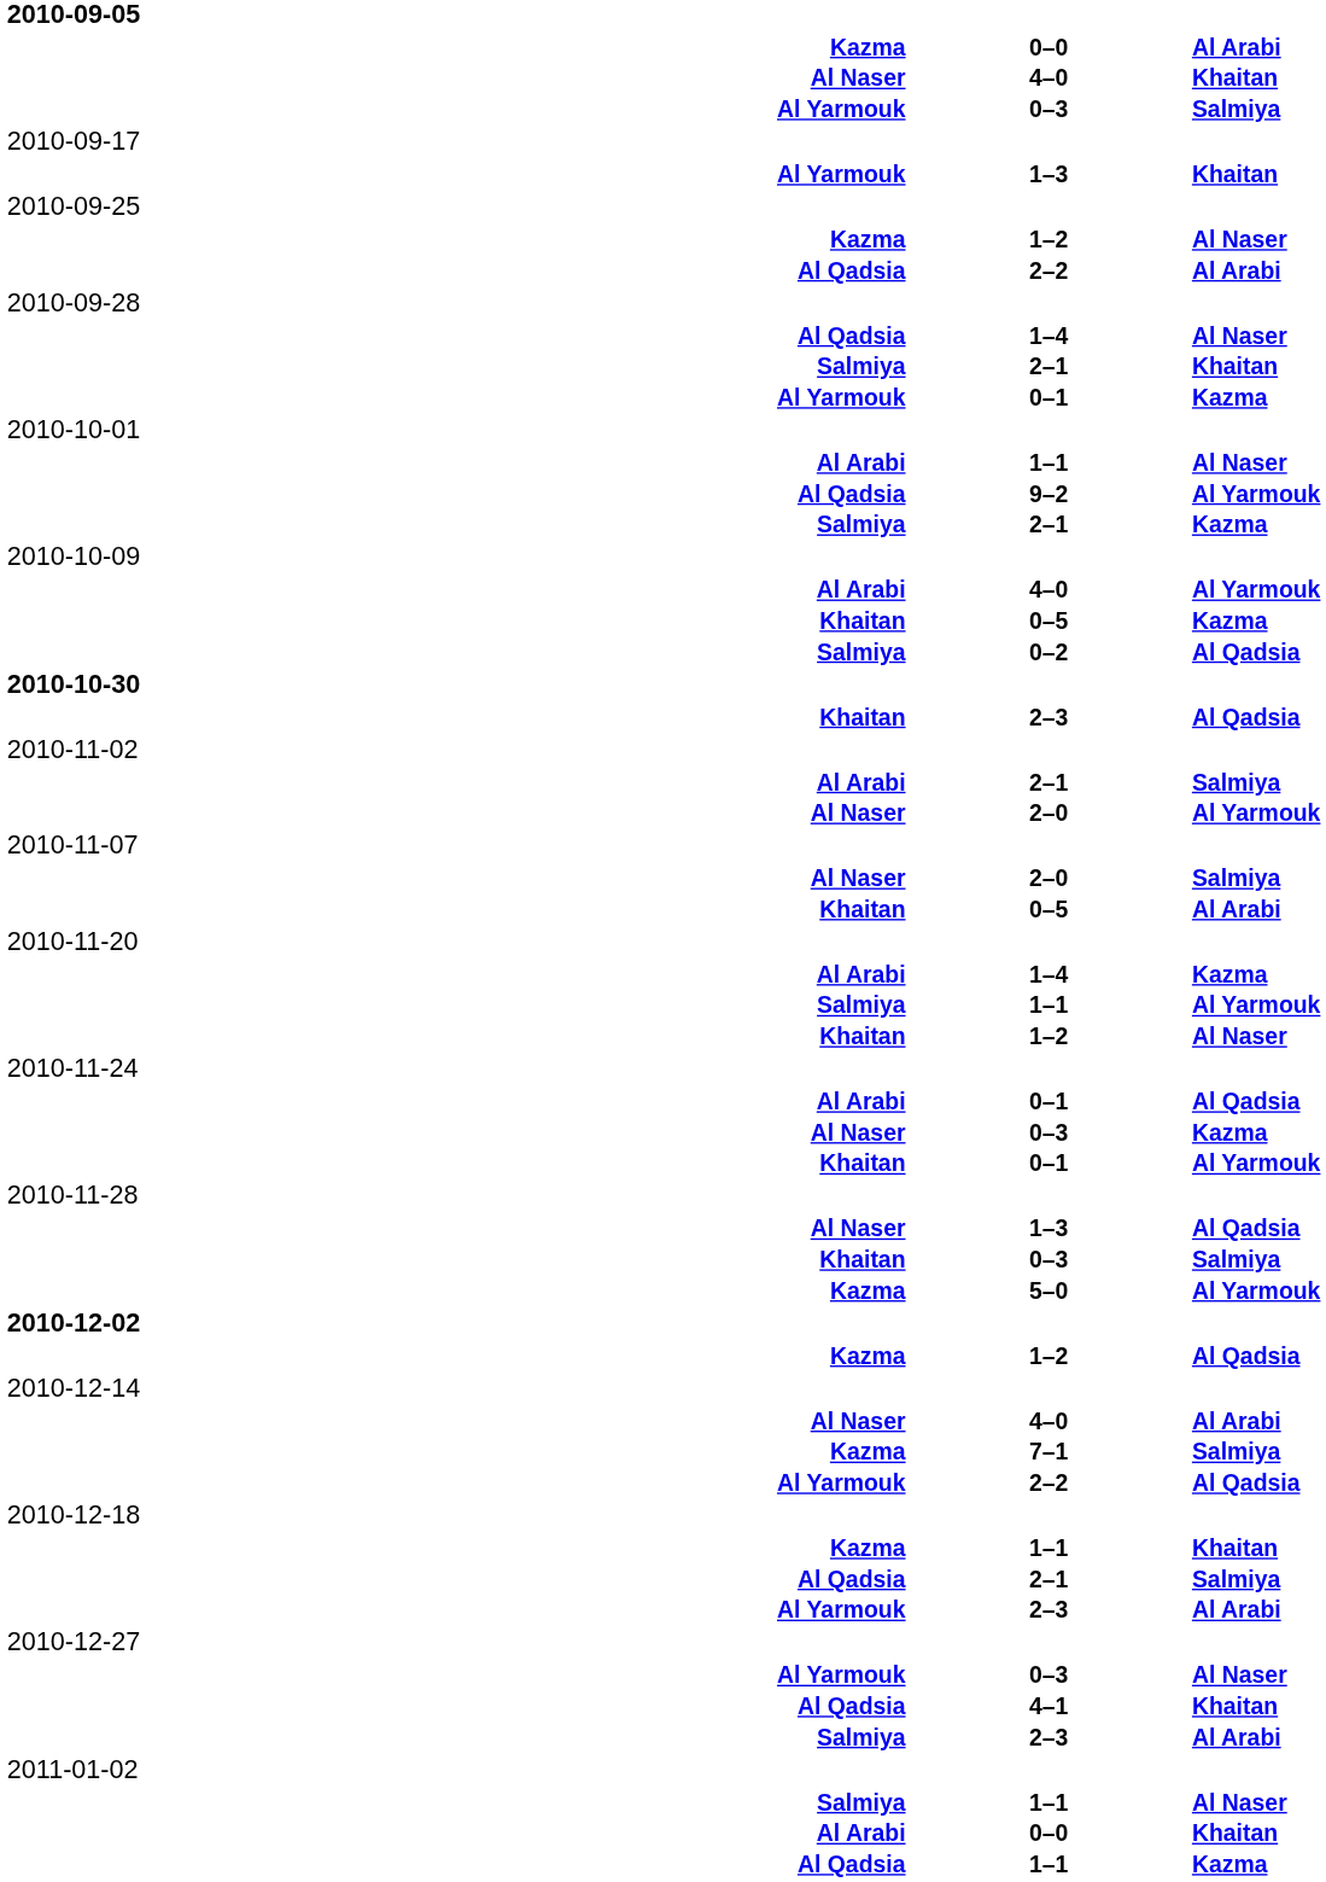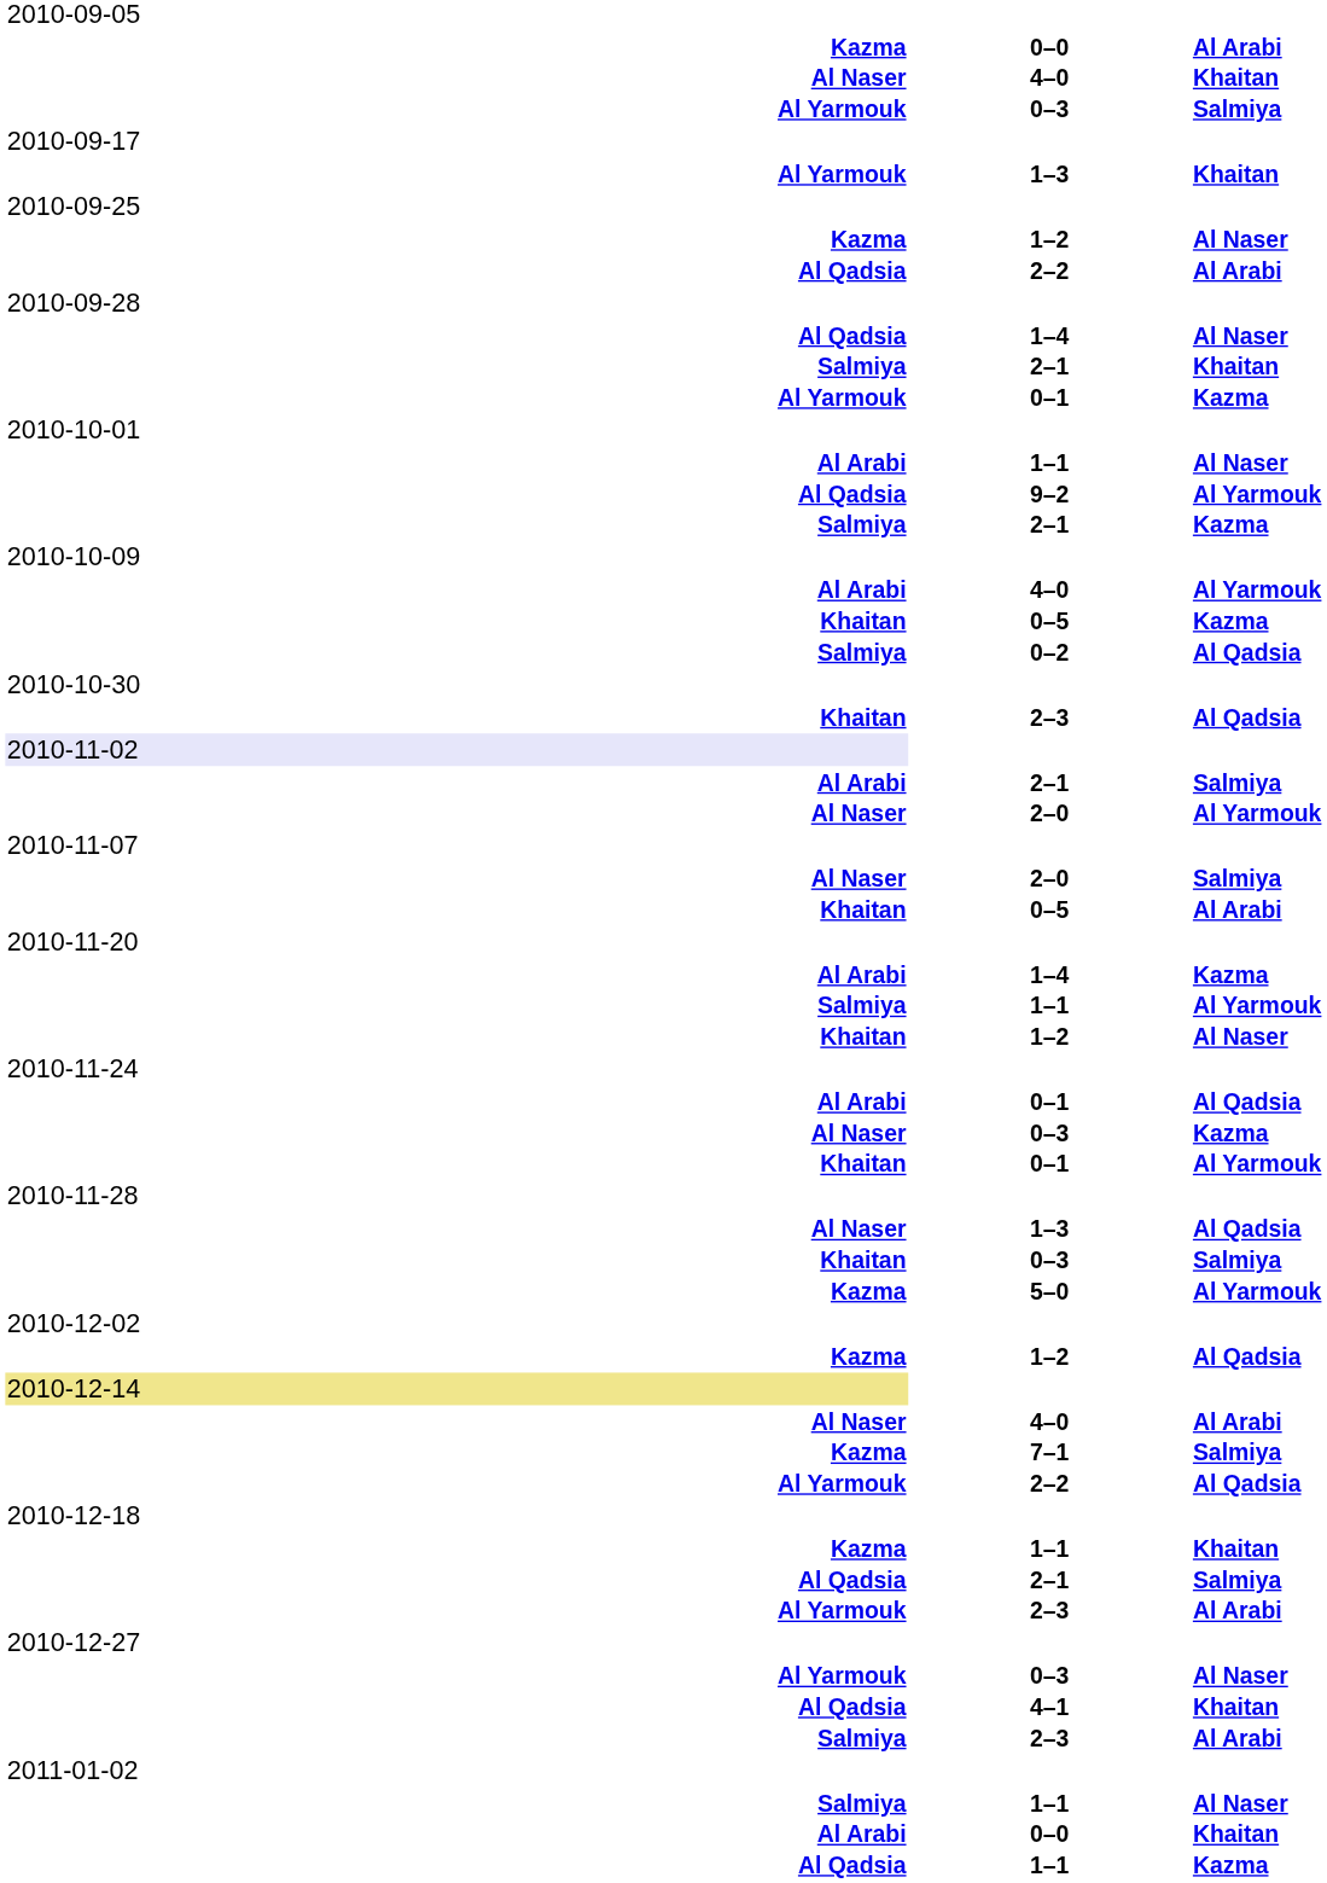 <table width=100% cellspacing=1>
 <tr>
 <th></th>
 <th></th>
 <th></th>
 </tr>
 <tr>
-<td><strong>2010-09-05</strong></td>
+<td>2010-09-05</td>
 </tr>
 <tr style=font-size:90%>
 <td align=right><strong><a href='#'>Kazma</a></strong></td>
 <td align=center><strong>0–0</strong></td>
 <td><strong><a href='#'>Al Arabi</a></strong></td>
 </tr>
 <tr style=font-size:90%>
 <td align=right><strong><a href='#'>Al Naser</a></strong></td>
 <td align=center><strong>4–0</strong></td>
 <td><strong><a href='#'>Khaitan</a></strong></td>
 </tr>
 <tr style=font-size:90%>
 <td align=right><strong><a href='#'>Al Yarmouk</a></strong></td>
 <td align=center><strong>0–3</strong></td>
 <td><strong><a href='#'>Salmiya</a></strong></td>
 </tr>
 <tr>
 <td>2010-09-17</td>
 </tr>
 <tr style=font-size:90%>
 <td align=right><strong><a href='#'>Al Yarmouk</a></strong></td>
 <td align=center><strong>1–3</strong></td>
 <td><strong><a href='#'>Khaitan</a></strong></td>
 </tr>
 <tr>
 <td>2010-09-25</td>
 </tr>
 <tr style=font-size:90%>
 <td align=right><strong><a href='#'>Kazma</a></strong></td>
 <td align=center><strong>1–2</strong></td>
 <td><strong><a href='#'>Al Naser</a></strong></td>
 </tr>
 <tr style=font-size:90%>
 <td align=right><strong><a href='#'>Al Qadsia</a></strong></td>
 <td align=center><strong>2–2</strong></td>
 <td><strong><a href='#'>Al Arabi</a></strong></td>
 </tr>
 <tr>
 <td>2010-09-28</td>
 </tr>
 <tr style=font-size:90%>
 <td align=right><strong><a href='#'>Al Qadsia</a></strong></td>
 <td align=center><strong>1–4</strong></td>
 <td><strong><a href='#'>Al Naser</a></strong></td>
 </tr>
 <tr style=font-size:90%>
 <td align=right><strong><a href='#'>Salmiya</a></strong></td>
 <td align=center><strong>2–1</strong></td>
 <td><strong><a href='#'>Khaitan</a></strong></td>
 </tr>
 <tr style=font-size:90%>
 <td align=right><strong><a href='#'>Al Yarmouk</a></strong></td>
 <td align=center><strong>0–1</strong></td>
 <td><strong><a href='#'>Kazma</a></strong></td>
 </tr>
 <tr>
 <td>2010-10-01</td>
 </tr>
 <tr style=font-size:90%>
 <td align=right><strong><a href='#'>Al Arabi</a></strong></td>
 <td align=center><strong>1–1</strong></td>
 <td><strong><a href='#'>Al Naser</a></strong></td>
 </tr>
 <tr style=font-size:90%>
 <td align=right><strong><a href='#'>Al Qadsia</a></strong></td>
 <td align=center><strong>9–2</strong></td>
 <td><strong><a href='#'>Al Yarmouk</a></strong></td>
 </tr>
 <tr style=font-size:90%>
 <td align=right><strong><a href='#'>Salmiya</a></strong></td>
 <td align=center><strong>2–1</strong></td>
 <td><strong><a href='#'>Kazma</a></strong></td>
 </tr>
 <tr>
 <td>2010-10-09</td>
 </tr>
 <tr style=font-size:90%>
 <td align=right><strong><a href='#'>Al Arabi</a></strong></td>
 <td align=center><strong>4–0</strong></td>
 <td><strong><a href='#'>Al Yarmouk</a></strong></td>
 </tr>
 <tr style=font-size:90%>
 <td align=right><strong><a href='#'>Khaitan</a></strong></td>
 <td align=center><strong>0–5</strong></td>
 <td><strong><a href='#'>Kazma</a></strong></td>
 </tr>
 <tr style=font-size:90%>
 <td align=right><strong><a href='#'>Salmiya</a></strong></td>
 <td align=center><strong>0–2</strong></td>
 <td><strong><a href='#'>Al Qadsia</a></strong></td>
 </tr>
 <tr>
-<td><strong>2010-10-30</strong></td>
+<td>2010-10-30</td>
 </tr>
 <tr style=font-size:90%>
 <td align=right><strong><a href='#'>Khaitan</a></strong></td>
 <td align=center><strong>2–3</strong></td>
 <td><strong><a href='#'>Al Qadsia</a></strong></td>
 </tr>
 <tr>
-<td>2010-11-02</td>
+<td style="background: lavender;">2010-11-02</td>
 </tr>
 <tr style=font-size:90%>
 <td align=right><strong><a href='#'>Al Arabi</a></strong></td>
 <td align=center><strong>2–1</strong></td>
 <td><strong><a href='#'>Salmiya</a></strong></td>
 </tr>
 <tr style=font-size:90%>
 <td align=right><strong><a href='#'>Al Naser</a></strong></td>
 <td align=center><strong>2–0</strong></td>
 <td><strong><a href='#'>Al Yarmouk</a></strong></td>
 </tr>
 <tr>
 <td>2010-11-07</td>
 </tr>
 <tr style=font-size:90%>
 <td align=right><strong><a href='#'>Al Naser</a></strong></td>
 <td align=center><strong>2–0</strong></td>
 <td><strong><a href='#'>Salmiya</a></strong></td>
 </tr>
 <tr style=font-size:90%>
 <td align=right><strong><a href='#'>Khaitan</a></strong></td>
 <td align=center><strong>0–5</strong></td>
 <td><strong><a href='#'>Al Arabi</a></strong></td>
 </tr>
 <tr>
 <td>2010-11-20</td>
 </tr>
 <tr style=font-size:90%>
 <td align=right><strong><a href='#'>Al Arabi</a></strong></td>
 <td align=center><strong>1–4</strong></td>
 <td><strong><a href='#'>Kazma</a></strong></td>
 </tr>
 <tr style=font-size:90%>
 <td align=right><strong><a href='#'>Salmiya</a></strong></td>
 <td align=center><strong>1–1</strong></td>
 <td><strong><a href='#'>Al Yarmouk</a></strong></td>
 </tr>
 <tr style=font-size:90%>
 <td align=right><strong><a href='#'>Khaitan</a></strong></td>
 <td align=center><strong>1–2</strong></td>
 <td><strong><a href='#'>Al Naser</a></strong></td>
 </tr>
 <tr>
 <td>2010-11-24</td>
 </tr>
 <tr style=font-size:90%>
 <td align=right><strong><a href='#'>Al Arabi</a></strong></td>
 <td align=center><strong>0–1</strong></td>
 <td><strong><a href='#'>Al Qadsia</a></strong></td>
 </tr>
 <tr style=font-size:90%>
 <td align=right><strong><a href='#'>Al Naser</a></strong></td>
 <td align=center><strong>0–3</strong></td>
 <td><strong><a href='#'>Kazma</a></strong></td>
 </tr>
 <tr style=font-size:90%>
 <td align=right><strong><a href='#'>Khaitan</a></strong></td>
 <td align=center><strong>0–1</strong></td>
 <td><strong><a href='#'>Al Yarmouk</a></strong></td>
 </tr>
 <tr>
 <td>2010-11-28</td>
 </tr>
 <tr style=font-size:90%>
 <td align=right><strong><a href='#'>Al Naser</a></strong></td>
 <td align=center><strong>1–3</strong></td>
 <td><strong><a href='#'>Al Qadsia</a></strong></td>
 </tr>
 <tr style=font-size:90%>
 <td align=right><strong><a href='#'>Khaitan</a></strong></td>
 <td align=center><strong>0–3</strong></td>
 <td><strong><a href='#'>Salmiya</a></strong></td>
 </tr>
 <tr style=font-size:90%>
 <td align=right><strong><a href='#'>Kazma</a></strong></td>
 <td align=center><strong>5–0</strong></td>
 <td><strong><a href='#'>Al Yarmouk</a></strong></td>
 </tr>
 <tr>
-<td><strong>2010-12-02</strong></td>
+<td>2010-12-02</td>
 </tr>
 <tr style=font-size:90%>
 <td align=right><strong><a href='#'>Kazma</a></strong></td>
 <td align=center><strong>1–2</strong></td>
 <td><strong><a href='#'>Al Qadsia</a></strong></td>
 </tr>
 <tr>
-<td>2010-12-14</td>
+<td style="background: khaki;">2010-12-14</td>
 </tr>
 <tr style=font-size:90%>
 <td align=right><strong><a href='#'>Al Naser</a></strong></td>
 <td align=center><strong>4–0</strong></td>
 <td><strong><a href='#'>Al Arabi</a></strong></td>
 </tr>
 <tr style=font-size:90%>
 <td align=right><strong><a href='#'>Kazma</a></strong></td>
 <td align=center><strong>7–1</strong></td>
 <td><strong><a href='#'>Salmiya</a></strong></td>
 </tr>
 <tr style=font-size:90%>
 <td align=right><strong><a href='#'>Al Yarmouk</a></strong></td>
 <td align=center><strong>2–2</strong></td>
 <td><strong><a href='#'>Al Qadsia</a></strong></td>
 </tr>
 <tr>
 <td>2010-12-18</td>
 </tr>
 <tr style=font-size:90%>
 <td align=right><strong><a href='#'>Kazma</a></strong></td>
 <td align=center><strong>1–1</strong></td>
 <td><strong><a href='#'>Khaitan</a></strong></td>
 </tr>
 <tr style=font-size:90%>
 <td align=right><strong><a href='#'>Al Qadsia</a></strong></td>
 <td align=center><strong>2–1</strong></td>
 <td><strong><a href='#'>Salmiya</a></strong></td>
 </tr>
 <tr style=font-size:90%>
 <td align=right><strong><a href='#'>Al Yarmouk</a></strong></td>
 <td align=center><strong>2–3</strong></td>
 <td><strong><a href='#'>Al Arabi</a></strong></td>
 </tr>
 <tr>
 <td>2010-12-27</td>
 </tr>
 <tr style=font-size:90%>
 <td align=right><strong><a href='#'>Al Yarmouk</a></strong></td>
 <td align=center><strong>0–3</strong></td>
 <td><strong><a href='#'>Al Naser</a></strong></td>
 </tr>
 <tr style=font-size:90%>
 <td align=right><strong><a href='#'>Al Qadsia</a></strong></td>
 <td align=center><strong>4–1</strong></td>
 <td><strong><a href='#'>Khaitan</a></strong></td>
 </tr>
 <tr style=font-size:90%>
 <td align=right><strong><a href='#'>Salmiya</a></strong></td>
 <td align=center><strong>2–3</strong></td>
 <td><strong><a href='#'>Al Arabi</a></strong></td>
 </tr>
 <tr>
 <td>2011-01-02</td>
 </tr>
 <tr style=font-size:90%>
 <td align=right><strong><a href='#'>Salmiya</a></strong></td>
 <td align=center><strong>1–1</strong></td>
 <td><strong><a href='#'>Al Naser</a></strong></td>
 </tr>
 <tr style=font-size:90%>
 <td align=right><strong><a href='#'>Al Arabi</a></strong></td>
 <td align=center><strong>0–0</strong></td>
 <td><strong><a href='#'>Khaitan</a></strong></td>
 </tr>
 <tr style=font-size:90%>
 <td align=right><strong><a href='#'>Al Qadsia</a></strong></td>
 <td align=center><strong>1–1</strong></td>
 <td><strong><a href='#'>Kazma</a></strong></td>
 </tr>
 </table>
